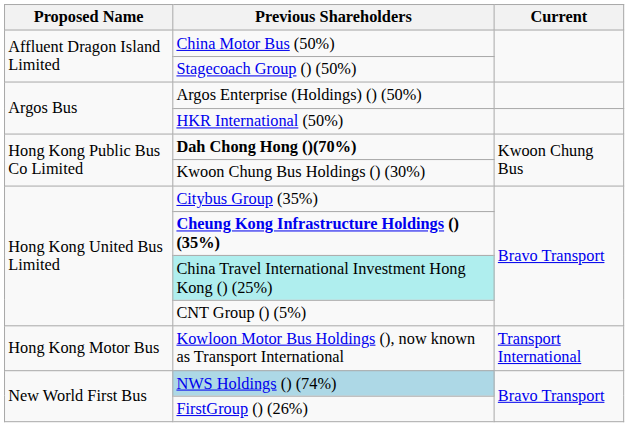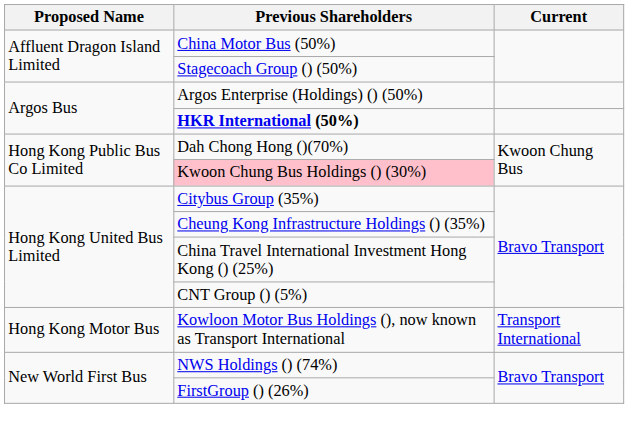 <table class="wikitable">
 <tr>
 <th>Proposed Name</th>
 <th>Previous Shareholders</th>
 <th>Current</th>
 </tr>
 <tr>
 <td rowspan="2">Affluent Dragon Island Limited</td>
 <td><a href='#'>China Motor Bus</a> (50%)</td>
 <td rowspan="2"></td>
 </tr>
 <tr>
 <td><a href='#'>Stagecoach Group</a> () (50%)</td>
 </tr>
 <tr>
 <td rowspan="2">Argos Bus</td>
 <td>Argos Enterprise (Holdings) () (50%)</td>
 <td></td>
 </tr>
 <tr>
-<td><a href='#'>HKR International</a> (50%)</td>
+<td><strong><a href='#'>HKR International</a> (50%)</strong></td>
 <td></td>
 </tr>
 <tr>
 <td rowspan="2">Hong Kong Public Bus Co Limited</td>
-<td><strong>Dah Chong Hong ()(70%)</strong></td>
+<td>Dah Chong Hong ()(70%)</td>
 <td rowspan="2">Kwoon Chung Bus</td>
 </tr>
 <tr>
-<td>Kwoon Chung Bus Holdings () (30%)</td>
+<td style="background: pink;">Kwoon Chung Bus Holdings () (30%)</td>
 </tr>
 <tr>
 <td rowspan="4">Hong Kong United Bus Limited</td>
 <td><a href='#'>Citybus Group</a> (35%)</td>
 <td rowspan="4"><a href='#'>Bravo Transport</a></td>
 </tr>
 <tr>
-<td><strong><a href='#'>Cheung Kong Infrastructure Holdings</a> () (35%)</strong></td>
+<td><a href='#'>Cheung Kong Infrastructure Holdings</a> () (35%)</td>
 </tr>
 <tr>
-<td style="background: paleturquoise;">China Travel International Investment Hong Kong () (25%)</td>
+<td>China Travel International Investment Hong Kong () (25%)</td>
 </tr>
 <tr>
 <td>CNT Group () (5%)</td>
 </tr>
 <tr>
 <td>Hong Kong Motor Bus</td>
 <td><a href='#'>Kowloon Motor Bus Holdings</a> (), now known as Transport International</td>
 <td><a href='#'>Transport International</a></td>
 </tr>
 <tr>
 <td rowspan="2">New World First Bus</td>
-<td style="background: lightblue;"><a href='#'>NWS Holdings</a> () (74%)</td>
+<td><a href='#'>NWS Holdings</a> () (74%)</td>
 <td rowspan="2"><a href='#'>Bravo Transport</a></td>
 </tr>
 <tr>
 <td><a href='#'>FirstGroup</a> () (26%)</td>
 </tr>
 </table>
